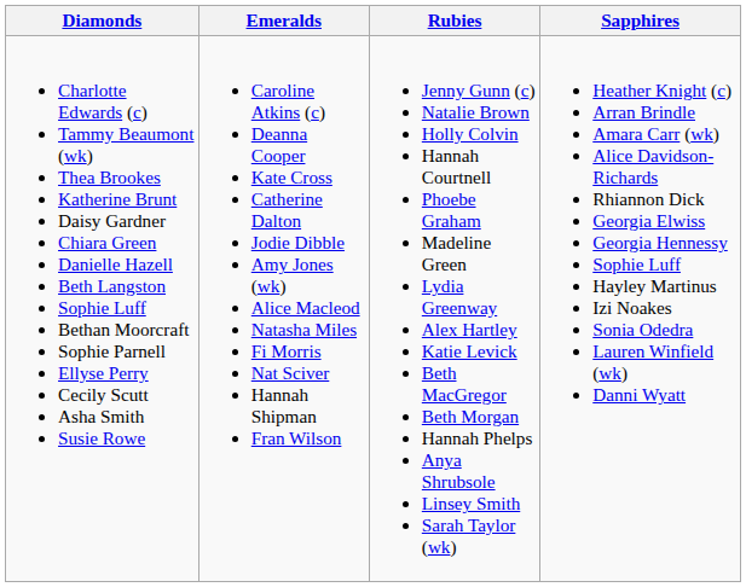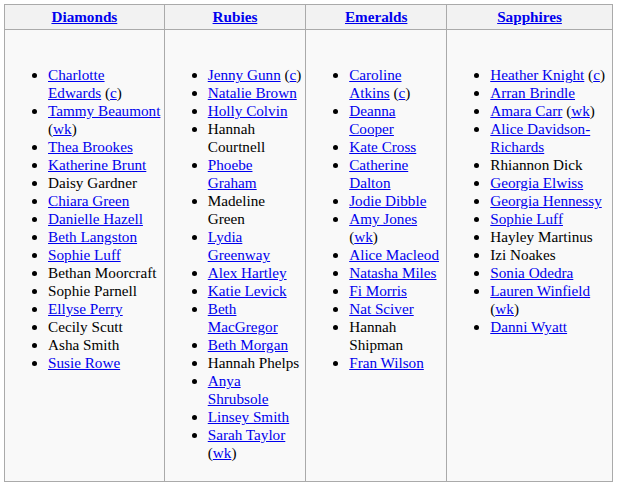 <table class="wikitable" Style="font-size:95%;">
 <tr>
 <th><a href='#'>Diamonds</a></th>
+<th><a href='#'>Rubies</a></th>
 <th><a href='#'>Emeralds</a></th>
-<th><a href='#'>Rubies</a></th>
 <th><a href='#'>Sapphires</a></th>
 </tr>
 <tr>
 <td valign=top><br><ul><li> <a href='#'>Charlotte Edwards</a> (<a href='#'>c</a>)</li><li> <a href='#'>Tammy Beaumont</a> (<a href='#'>wk</a>)</li><li> <a href='#'>Thea Brookes</a></li><li> <a href='#'>Katherine Brunt</a></li><li> Daisy Gardner</li><li> <a href='#'>Chiara Green</a></li><li> <a href='#'>Danielle Hazell</a></li><li> <a href='#'>Beth Langston</a></li><li> <a href='#'>Sophie Luff</a></li><li> Bethan Moorcraft</li><li> Sophie Parnell</li><li> <a href='#'>Ellyse Perry</a></li><li> Cecily Scutt</li><li> Asha Smith</li><li> <a href='#'>Susie Rowe</a></li></ul></td>
+<td valign=top><br><ul><li> <a href='#'>Jenny Gunn</a> (<a href='#'>c</a>)</li><li> <a href='#'>Natalie Brown</a></li><li> <a href='#'>Holly Colvin</a></li><li> Hannah Courtnell</li><li> <a href='#'>Phoebe Graham</a></li><li> Madeline Green</li><li> <a href='#'>Lydia Greenway</a></li><li> <a href='#'>Alex Hartley</a></li><li> <a href='#'>Katie Levick</a></li><li> <a href='#'>Beth MacGregor</a></li><li> <a href='#'>Beth Morgan</a></li><li> Hannah Phelps</li><li> <a href='#'>Anya Shrubsole</a></li><li> <a href='#'>Linsey Smith</a></li><li> <a href='#'>Sarah Taylor</a> (<a href='#'>wk</a>)</li></ul></td>
 <td valign=top><br><ul><li> <a href='#'>Caroline Atkins</a> (<a href='#'>c</a>)</li><li> <a href='#'>Deanna Cooper</a></li><li> <a href='#'>Kate Cross</a></li><li> <a href='#'>Catherine Dalton</a></li><li> <a href='#'>Jodie Dibble</a></li><li> <a href='#'>Amy Jones</a> (<a href='#'>wk</a>)</li><li> <a href='#'>Alice Macleod</a></li><li> <a href='#'>Natasha Miles</a></li><li> <a href='#'>Fi Morris</a></li><li> <a href='#'>Nat Sciver</a></li><li> Hannah Shipman</li><li> <a href='#'>Fran Wilson</a></li></ul></td>
-<td valign=top><br><ul><li> <a href='#'>Jenny Gunn</a> (<a href='#'>c</a>)</li><li> <a href='#'>Natalie Brown</a></li><li> <a href='#'>Holly Colvin</a></li><li> Hannah Courtnell</li><li> <a href='#'>Phoebe Graham</a></li><li> Madeline Green</li><li> <a href='#'>Lydia Greenway</a></li><li> <a href='#'>Alex Hartley</a></li><li> <a href='#'>Katie Levick</a></li><li> <a href='#'>Beth MacGregor</a></li><li> <a href='#'>Beth Morgan</a></li><li> Hannah Phelps</li><li> <a href='#'>Anya Shrubsole</a></li><li> <a href='#'>Linsey Smith</a></li><li> <a href='#'>Sarah Taylor</a> (<a href='#'>wk</a>)</li></ul></td>
 <td valign=top><br><ul><li> <a href='#'>Heather Knight</a> (<a href='#'>c</a>)</li><li> <a href='#'>Arran Brindle</a></li><li> <a href='#'>Amara Carr</a> (<a href='#'>wk</a>)</li><li> <a href='#'>Alice Davidson-Richards</a></li><li> Rhiannon Dick</li><li> <a href='#'>Georgia Elwiss</a></li><li> <a href='#'>Georgia Hennessy</a></li><li> <a href='#'>Sophie Luff</a></li><li> Hayley Martinus</li><li> Izi Noakes</li><li> <a href='#'>Sonia Odedra</a></li><li> <a href='#'>Lauren Winfield</a> (<a href='#'>wk</a>)</li><li> <a href='#'>Danni Wyatt</a></li></ul></td>
 </tr>
 </table>
